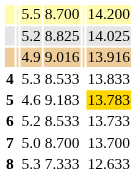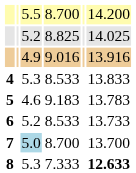 <table>
 <tr style="background: #fffcaf">
 <th scope=row style="text-align:center"></th>
 <td align=left></td>
 <td>5.5</td>
 <td>8.700</td>
 <td></td>
 <td>14.200</td>
 </tr>
 <tr style="background: #e5e5e5">
 <th scope=row style="text-align:center"></th>
 <td align=left></td>
 <td>5.2</td>
 <td>8.825</td>
 <td></td>
 <td>14.025</td>
 </tr>
 <tr style="background: #eecc99">
 <th scope=row style="text-align:center"></th>
 <td align=left></td>
 <td>4.9</td>
 <td>9.016</td>
 <td></td>
 <td>13.916</td>
 </tr>
 <tr>
 <th scope=row style="text-align:center">4</th>
 <td align=left></td>
 <td>5.3</td>
 <td>8.533</td>
 <td></td>
 <td>13.833</td>
 </tr>
 <tr>
 <th scope=row style="text-align:center">5</th>
 <td align=left></td>
 <td>4.6</td>
 <td>9.183</td>
 <td></td>
-<td style="background: gold;">13.783</td>
+<td>13.783</td>
 </tr>
 <tr>
 <th scope=row style="text-align:center">6</th>
 <td align=left></td>
 <td>5.2</td>
 <td>8.533</td>
 <td></td>
 <td>13.733</td>
 </tr>
 <tr>
 <th scope=row style="text-align:center">7</th>
 <td align=left></td>
-<td>5.0</td>
+<td style="background: lightblue;">5.0</td>
 <td>8.700</td>
 <td></td>
 <td>13.700</td>
 </tr>
 <tr>
 <th scope=row style="text-align:center">8</th>
 <td align=left></td>
 <td>5.3</td>
 <td>7.333</td>
 <td></td>
-<td>12.633</td>
+<td><strong>12.633</strong></td>
 </tr>
 <tr>
 </tr>
 </table>
